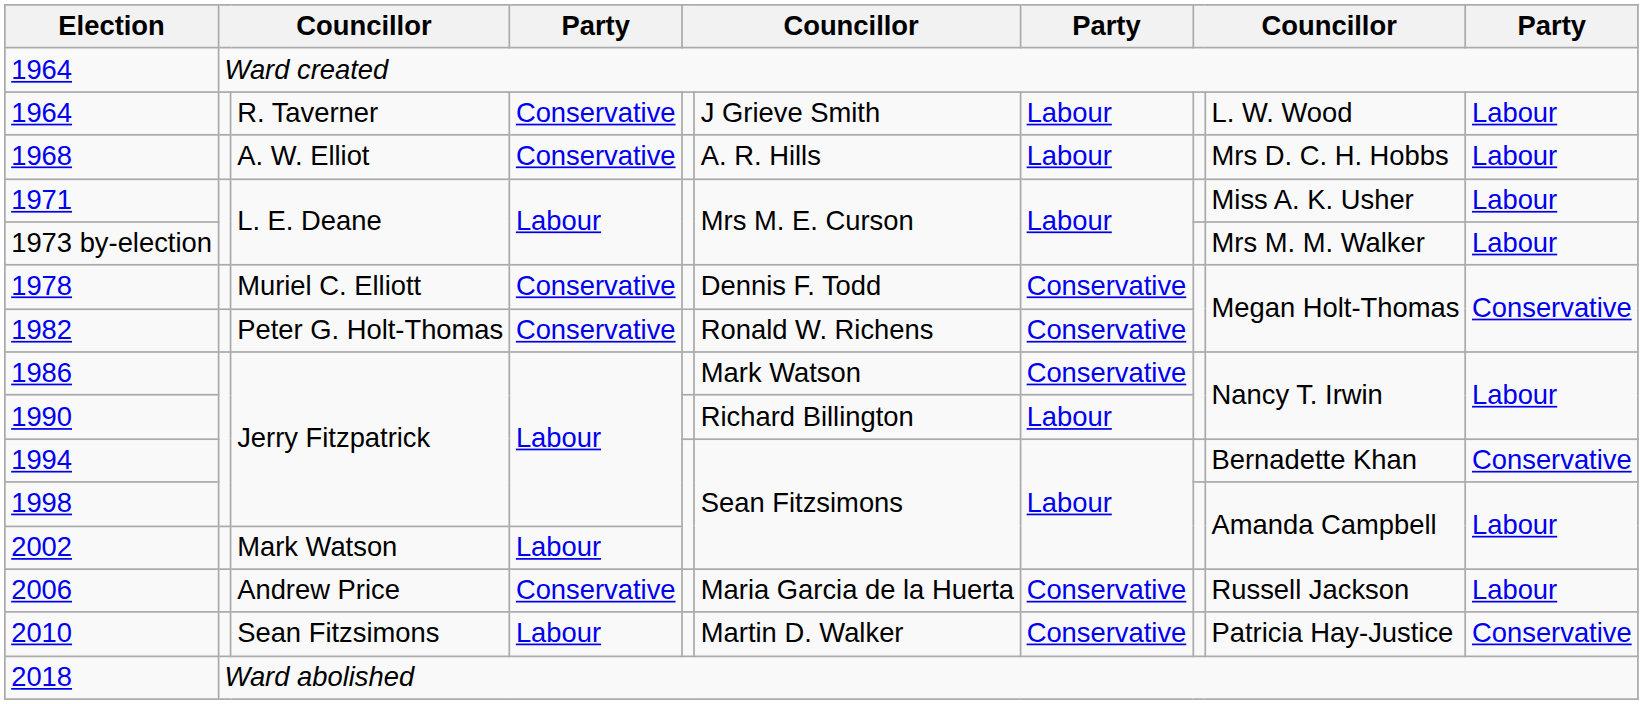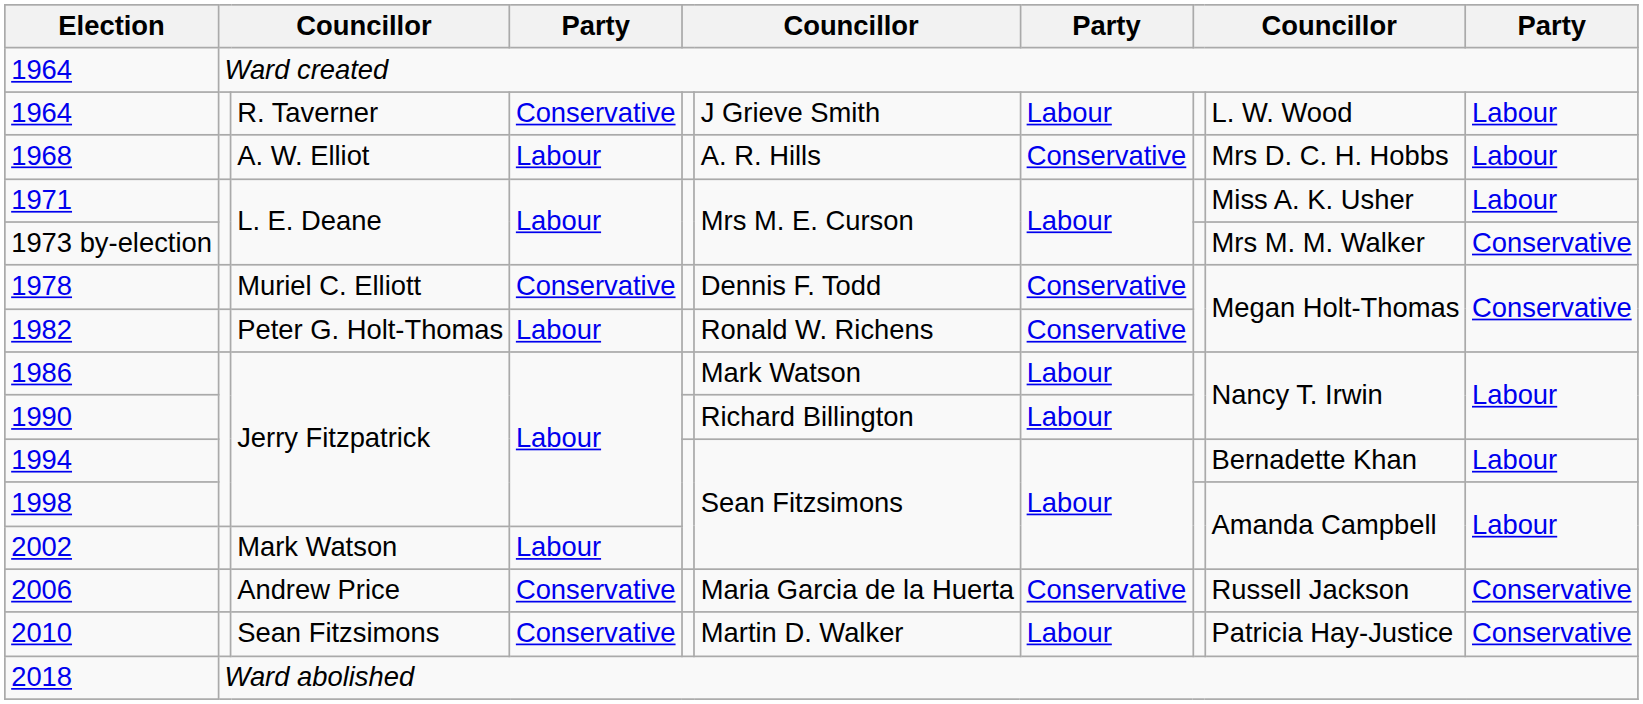 <table class="wikitable">
 <tr>
 <th>Election</th>
 <th colspan="2">Councillor</th>
 <th>Party</th>
 <th colspan="2">Councillor</th>
 <th>Party</th>
 <th colspan="2">Councillor</th>
 <th>Party</th>
 </tr>
 <tr>
 <td><a href='#'>1964</a></td>
 <td colspan="12"><em>Ward created</em></td>
 </tr>
 <tr>
 <td><a href='#'>1964</a></td>
 <td style="background-color: "></td>
 <td>R. Taverner</td>
 <td><a href='#'>Conservative</a></td>
 <td style="background-color: "></td>
 <td>J Grieve Smith</td>
 <td><a href='#'>Labour</a></td>
 <td style="background-color: "></td>
 <td>L. W. Wood</td>
 <td><a href='#'>Labour</a></td>
 </tr>
 <tr>
 <td><a href='#'>1968</a></td>
 <td style="background-color: "></td>
 <td>A. W. Elliot</td>
-<td><a href='#'>Conservative</a></td>
+<td><a href='#'>Labour</a></td>
 <td style="background-color: "></td>
 <td>A. R. Hills</td>
-<td><a href='#'>Labour</a></td>
+<td><a href='#'>Conservative</a></td>
 <td style="background-color: "></td>
 <td>Mrs D. C. H. Hobbs</td>
 <td><a href='#'>Labour</a></td>
 </tr>
 <tr>
 <td><a href='#'>1971</a></td>
 <td rowspan="2" style="background-color: "></td>
 <td rowspan="2">L. E. Deane</td>
 <td rowspan="2"><a href='#'>Labour</a></td>
 <td rowspan="2" style="background-color: "></td>
 <td rowspan="2">Mrs M. E. Curson</td>
 <td rowspan="2"><a href='#'>Labour</a></td>
 <td style="background-color: "></td>
 <td>Miss A. K. Usher</td>
 <td><a href='#'>Labour</a></td>
 </tr>
 <tr>
 <td>1973 by-election</td>
 <td style="background-color: "></td>
 <td>Mrs M. M. Walker</td>
-<td><a href='#'>Labour</a></td>
+<td><a href='#'>Conservative</a></td>
 </tr>
 <tr>
 <td><a href='#'>1978</a></td>
 <td style="background-color: "></td>
 <td>Muriel C. Elliott</td>
 <td><a href='#'>Conservative</a></td>
 <td style="background-color: "></td>
 <td>Dennis F. Todd</td>
 <td><a href='#'>Conservative</a></td>
 <td rowspan="2" style="background-color: "></td>
 <td rowspan="2">Megan Holt-Thomas</td>
 <td rowspan="2"><a href='#'>Conservative</a></td>
 </tr>
 <tr>
 <td><a href='#'>1982</a></td>
 <td style="background-color: "></td>
 <td>Peter G. Holt-Thomas</td>
-<td><a href='#'>Conservative</a></td>
+<td><a href='#'>Labour</a></td>
 <td style="background-color: "></td>
 <td>Ronald W. Richens</td>
 <td><a href='#'>Conservative</a></td>
 </tr>
 <tr>
 <td><a href='#'>1986</a></td>
 <td rowspan="4" style="background-color: "></td>
 <td rowspan="4">Jerry Fitzpatrick</td>
 <td rowspan="4"><a href='#'>Labour</a></td>
 <td style="background-color: "></td>
 <td>Mark Watson</td>
-<td><a href='#'>Conservative</a></td>
+<td><a href='#'>Labour</a></td>
 <td rowspan="2" style="background-color: "></td>
 <td rowspan="2">Nancy T. Irwin</td>
 <td rowspan="2"><a href='#'>Labour</a></td>
 </tr>
 <tr>
 <td><a href='#'>1990</a></td>
 <td style="background-color: "></td>
 <td>Richard Billington</td>
 <td><a href='#'>Labour</a></td>
 </tr>
 <tr>
 <td><a href='#'>1994</a></td>
 <td rowspan="3" style="background-color: "></td>
 <td rowspan="3">Sean Fitzsimons</td>
 <td rowspan="3"><a href='#'>Labour</a></td>
 <td style="background-color: "></td>
 <td>Bernadette Khan</td>
-<td><a href='#'>Conservative</a></td>
+<td><a href='#'>Labour</a></td>
 </tr>
 <tr>
 <td><a href='#'>1998</a></td>
 <td rowspan="2" style="background-color: "></td>
 <td rowspan="2">Amanda Campbell</td>
 <td rowspan="2"><a href='#'>Labour</a></td>
 </tr>
 <tr>
 <td><a href='#'>2002</a></td>
 <td style="background-color: "></td>
 <td>Mark Watson</td>
 <td><a href='#'>Labour</a></td>
 </tr>
 <tr>
 <td><a href='#'>2006</a></td>
 <td style="background-color: "></td>
 <td>Andrew Price</td>
 <td><a href='#'>Conservative</a></td>
 <td style="background-color: "></td>
 <td>Maria Garcia de la Huerta</td>
 <td><a href='#'>Conservative</a></td>
 <td style="background-color: "></td>
 <td>Russell Jackson</td>
-<td><a href='#'>Labour</a></td>
+<td><a href='#'>Conservative</a></td>
 </tr>
 <tr>
 <td><a href='#'>2010</a></td>
 <td style="background-color: "></td>
 <td>Sean Fitzsimons</td>
-<td><a href='#'>Labour</a></td>
+<td><a href='#'>Conservative</a></td>
 <td style="background-color: "></td>
 <td>Martin D. Walker</td>
-<td><a href='#'>Conservative</a></td>
+<td><a href='#'>Labour</a></td>
 <td style="background-color: "></td>
 <td>Patricia Hay-Justice</td>
 <td><a href='#'>Conservative</a></td>
 </tr>
 <tr>
 <td><a href='#'>2018</a></td>
 <td colspan="12"><em>Ward abolished</em></td>
 </tr>
 </table>
